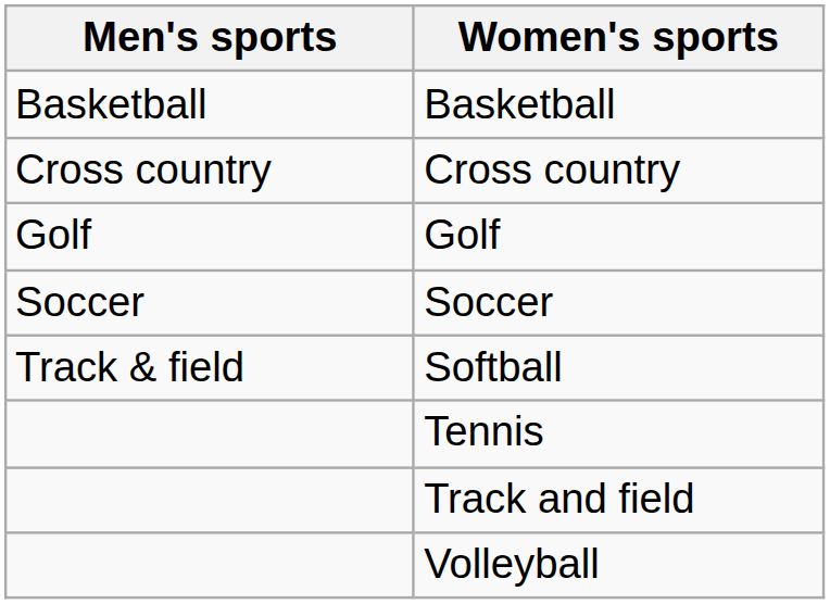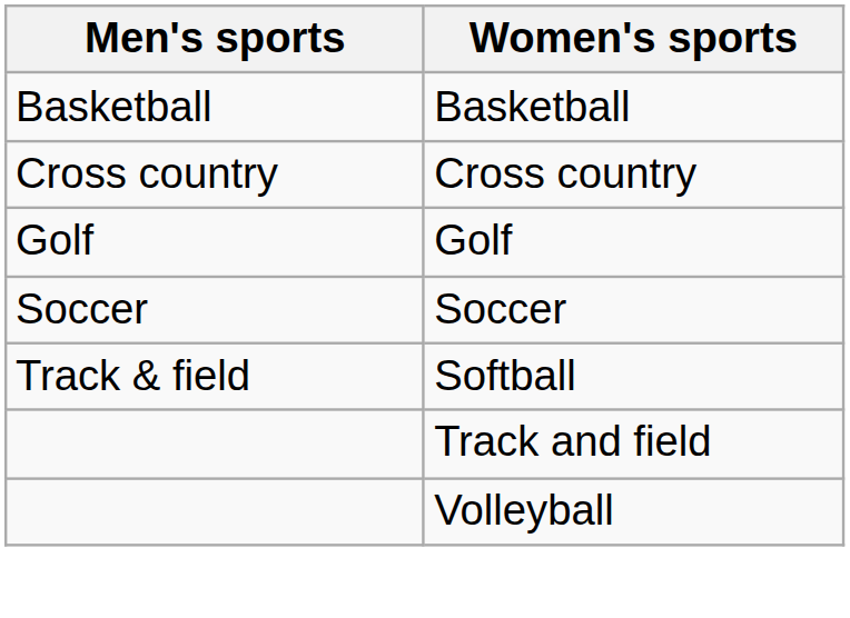 <table class="wikitable"; style= "text-align: ">
 <tr>
 <th width=150px>Men's sports</th>
 <th width=150px>Women's sports</th>
 </tr>
 <tr>
 <td>Basketball</td>
 <td>Basketball</td>
 </tr>
 <tr>
 <td>Cross country</td>
 <td>Cross country</td>
 </tr>
 <tr>
 <td>Golf</td>
 <td>Golf</td>
 </tr>
 <tr>
 <td>Soccer</td>
 <td>Soccer</td>
 </tr>
 <tr>
 <td>Track & field</td>
 <td>Softball</td>
 </tr>
 <tr>
 <td></td>
-<td>Tennis</td>
-</tr>
-<tr>
-<td></td>
 <td>Track and field</td>
 </tr>
 <tr>
 <td></td>
 <td>Volleyball</td>
 </tr>
 </table>
